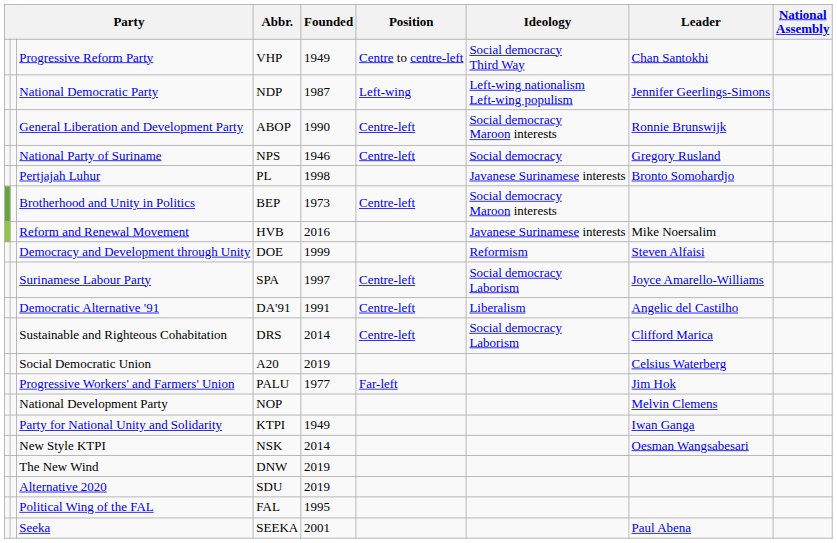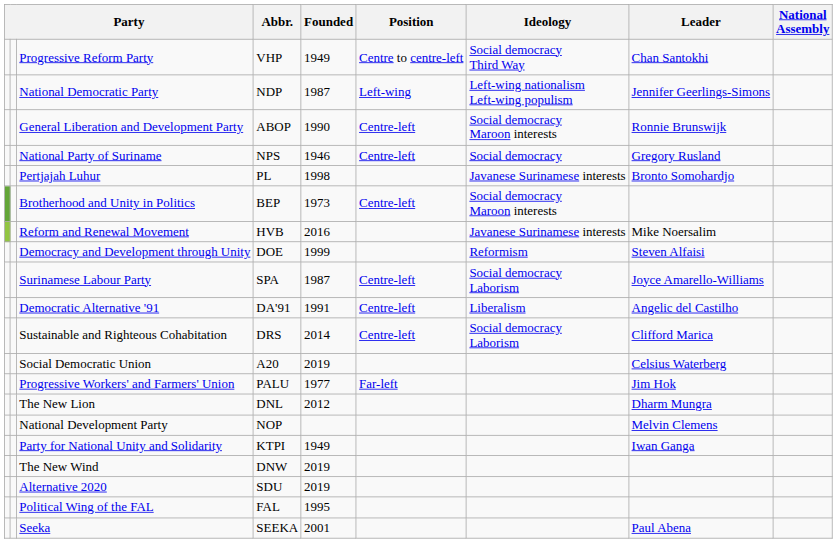 <table class ="wikitable sortable">
 <tr>
 <th colspan=3>Party</th>
 <th>Abbr.</th>
 <th>Founded</th>
 <th>Position</th>
 <th>Ideology</th>
 <th>Leader</th>
 <th><a href='#'>National<br>Assembly</a></th>
 </tr>
 <tr>
 <td style=background:></td>
 <td></td>
 <td><a href='#'>Progressive Reform Party</a><br><small></small></td>
 <td>VHP</td>
 <td>1949</td>
 <td><a href='#'>Centre</a> to <a href='#'>centre-left</a></td>
 <td><a href='#'>Social democracy</a><br><a href='#'>Third Way</a></td>
 <td><a href='#'>Chan Santokhi</a></td>
 <td></td>
 </tr>
 <tr>
 <td style=background:></td>
 <td></td>
 <td><a href='#'>National Democratic Party</a><br><small></small></td>
 <td>NDP</td>
 <td>1987</td>
 <td><a href='#'>Left-wing</a></td>
 <td><a href='#'>Left-wing nationalism</a><br><a href='#'>Left-wing populism</a></td>
 <td><a href='#'>Jennifer Geerlings-Simons</a></td>
 <td></td>
 </tr>
 <tr>
 <td style="background:"></td>
 <td></td>
 <td><a href='#'>General Liberation and Development Party</a><br><small></small></td>
 <td>ABOP</td>
 <td>1990</td>
 <td><a href='#'>Centre-left</a></td>
 <td><a href='#'>Social democracy</a><br><a href='#'>Maroon</a> interests</td>
 <td><a href='#'>Ronnie Brunswijk</a></td>
 <td></td>
 </tr>
 <tr>
 <td style="background:"></td>
 <td></td>
 <td><a href='#'>National Party of Suriname</a><br><small></small></td>
 <td>NPS</td>
 <td>1946</td>
 <td><a href='#'>Centre-left</a></td>
 <td><a href='#'>Social democracy</a></td>
 <td><a href='#'>Gregory Rusland</a></td>
 <td></td>
 </tr>
 <tr>
 <td style=background:></td>
 <td></td>
 <td><a href='#'>Pertjajah Luhur</a><br><small></small></td>
 <td>PL</td>
 <td>1998</td>
 <td></td>
 <td><a href='#'>Javanese Surinamese</a> interests</td>
 <td><a href='#'>Bronto Somohardjo</a></td>
 <td></td>
 </tr>
 <tr>
 <td style="background:#64A638"></td>
 <td></td>
 <td><a href='#'>Brotherhood and Unity in Politics</a><br><small></small></td>
 <td>BEP</td>
 <td>1973</td>
 <td><a href='#'>Centre-left</a></td>
 <td><a href='#'>Social democracy</a><br><a href='#'>Maroon</a> interests</td>
 <td></td>
 <td></td>
 </tr>
 <tr>
 <td style=background:#92C542></td>
 <td></td>
 <td><a href='#'>Reform and Renewal Movement</a><br><small></small></td>
 <td>HVB</td>
 <td>2016</td>
 <td></td>
 <td><a href='#'>Javanese Surinamese</a> interests</td>
 <td>Mike Noersalim</td>
 <td></td>
 </tr>
 <tr>
 <td style=background:></td>
 <td></td>
 <td><a href='#'>Democracy and Development through Unity</a><br><small></small></td>
 <td>DOE</td>
 <td>1999</td>
 <td></td>
 <td><a href='#'>Reformism</a></td>
 <td><a href='#'>Steven Alfaisi</a></td>
 <td></td>
 </tr>
 <tr>
 <td style=background:></td>
 <td></td>
 <td><a href='#'>Surinamese Labour Party</a><br><small></small></td>
 <td>SPA</td>
-<td>1997</td>
+<td>1987</td>
 <td><a href='#'>Centre-left</a></td>
 <td><a href='#'>Social democracy</a><br><a href='#'>Laborism</a></td>
 <td><a href='#'>Joyce Amarello-Williams</a></td>
 <td></td>
 </tr>
 <tr>
 <td style=background:></td>
 <td></td>
 <td><a href='#'>Democratic Alternative '91</a><br><small></small></td>
 <td>DA'91</td>
 <td>1991</td>
 <td><a href='#'>Centre-left</a></td>
 <td><a href='#'>Liberalism</a></td>
 <td><a href='#'>Angelic del Castilho</a></td>
 <td></td>
 </tr>
 <tr>
 <td></td>
 <td></td>
 <td>Sustainable and Righteous Cohabitation<br><small></small></td>
 <td>DRS</td>
 <td>2014</td>
 <td><a href='#'>Centre-left</a></td>
 <td><a href='#'>Social democracy</a><br><a href='#'>Laborism</a></td>
 <td><a href='#'>Clifford Marica</a></td>
 <td></td>
 </tr>
 <tr>
 <td></td>
 <td></td>
 <td>Social Democratic Union<br><small></small></td>
 <td>A20</td>
 <td>2019</td>
 <td></td>
 <td></td>
 <td><a href='#'>Celsius Waterberg</a></td>
 <td></td>
 </tr>
 <tr>
 <td></td>
 <td></td>
 <td><a href='#'>Progressive Workers' and Farmers' Union</a><br><small></small></td>
 <td>PALU</td>
 <td>1977</td>
 <td><a href='#'>Far-left</a></td>
 <td></td>
 <td><a href='#'>Jim Hok</a></td>
 <td></td>
 </tr>
 <tr>
 <td></td>
 <td></td>
+<td>The New Lion<br><small></small></td>
+<td>DNL</td>
+<td>2012</td>
+<td></td>
+<td></td>
+<td><a href='#'>Dharm Mungra</a></td>
+<td></td>
+</tr>
+<tr>
+<td></td>
+<td></td>
 <td>National Development Party<br><small></small></td>
 <td>NOP</td>
 <td></td>
 <td></td>
 <td></td>
 <td><a href='#'>Melvin Clemens</a></td>
 <td></td>
 </tr>
 <tr>
 <td></td>
 <td></td>
 <td><a href='#'>Party for National Unity and Solidarity</a></td>
 <td>KTPI</td>
 <td>1949</td>
 <td></td>
 <td></td>
 <td><a href='#'>Iwan Ganga</a></td>
-<td></td>
-</tr>
-<tr>
-<td></td>
-<td></td>
-<td>New Style KTPI<br><small></small></td>
-<td>NSK</td>
-<td>2014</td>
-<td></td>
-<td></td>
-<td><a href='#'>Oesman Wangsabesari</a></td>
 <td></td>
 </tr>
 <tr>
 <td></td>
 <td></td>
 <td>The New Wind<br><small></small></td>
 <td>DNW</td>
 <td>2019</td>
 <td></td>
 <td></td>
 <td></td>
 <td></td>
 </tr>
 <tr>
 <td></td>
 <td></td>
 <td><a href='#'>Alternative 2020</a><br><small></small></td>
 <td>SDU</td>
 <td>2019</td>
 <td></td>
 <td></td>
 <td></td>
 <td></td>
 </tr>
 <tr>
 <td></td>
 <td></td>
 <td><a href='#'>Political Wing of the FAL</a></td>
 <td>FAL</td>
 <td>1995</td>
 <td></td>
 <td></td>
 <td></td>
 <td></td>
 </tr>
 <tr>
 <td></td>
 <td></td>
 <td><a href='#'>Seeka</a></td>
 <td>SEEKA</td>
 <td>2001</td>
 <td></td>
 <td></td>
 <td><a href='#'>Paul Abena</a></td>
 <td></td>
 </tr>
 </table>
